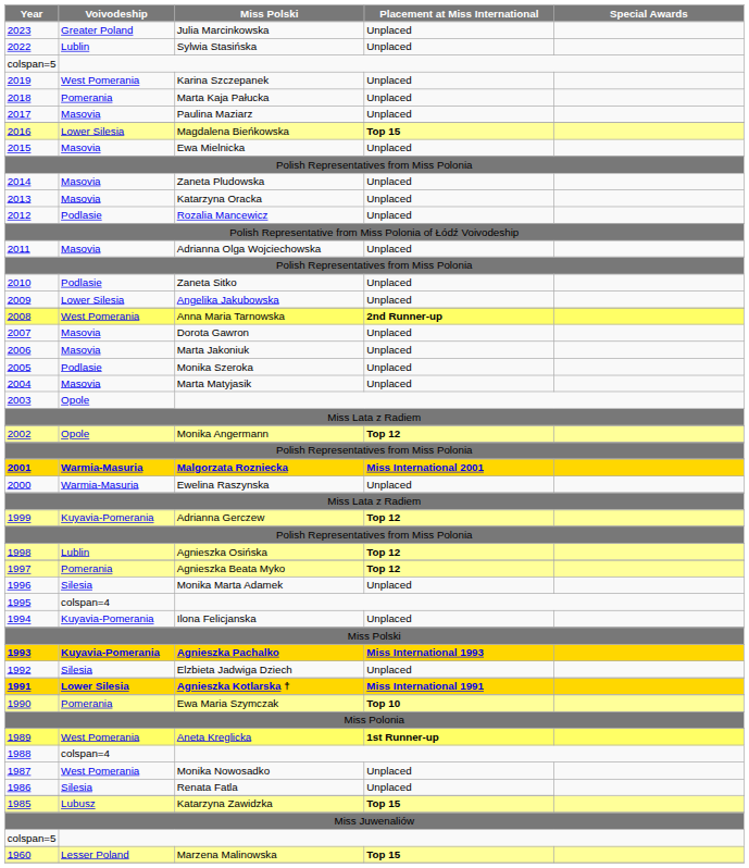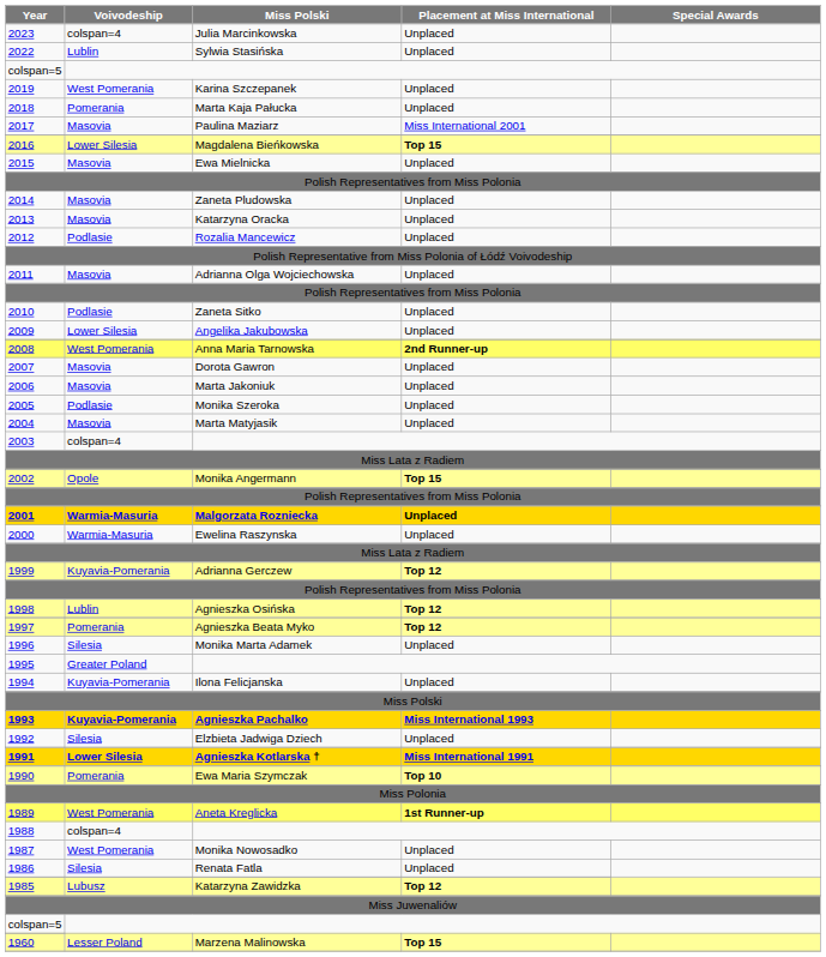 <table class="wikitable " style="font-size: 90%;">
 <tr>
 <th width="60" style="background-color:#787878;color:#FFFFFF;">Year</th>
 <th width="150" style="background-color:#787878;color:#FFFFFF;">Voivodeship</th>
 <th width="250" style="background-color:#787878;color:#FFFFFF;">Miss Polski</th>
 <th width="250" style="background-color:#787878;color:#FFFFFF;">Placement at Miss International</th>
 <th width="250" style="background-color:#787878;color:#FFFFFF;">Special Awards</th>
 </tr>
 <tr>
 <td><a href='#'>2023</a></td>
-<td><a href='#'>Greater Poland</a></td>
+<td>colspan=4 </td>
 <td>Julia Marcinkowska</td>
 <td>Unplaced</td>
 <td></td>
 </tr>
 <tr>
 <td><a href='#'>2022</a></td>
 <td><a href='#'>Lublin</a></td>
 <td>Sylwia Stasińska</td>
 <td>Unplaced</td>
 <td></td>
 </tr>
 <tr>
 <td>colspan=5 </td>
 </tr>
 <tr>
 <td><a href='#'>2019</a></td>
 <td><a href='#'>West Pomerania</a></td>
 <td>Karina Szczepanek</td>
 <td>Unplaced</td>
 <td></td>
 </tr>
 <tr>
 <td><a href='#'>2018</a></td>
 <td><a href='#'>Pomerania</a></td>
 <td>Marta Kaja Pałucka</td>
 <td>Unplaced</td>
 <td></td>
 </tr>
 <tr>
 <td><a href='#'>2017</a></td>
 <td><a href='#'>Masovia</a></td>
 <td>Paulina Maziarz</td>
-<td>Unplaced</td>
+<td><a href='#'>Miss International 2001</a></td>
 <td></td>
 </tr>
 <tr>
 </tr>
 <tr style="background-color:#FFFF99;">
 <td><a href='#'>2016</a></td>
 <td><a href='#'>Lower Silesia</a></td>
 <td>Magdalena Bieńkowska</td>
 <td><strong>Top 15</strong></td>
 <td></td>
 </tr>
 <tr>
 <td><a href='#'>2015</a></td>
 <td><a href='#'>Masovia</a></td>
 <td>Ewa Mielnicka</td>
 <td>Unplaced</td>
 <td></td>
 </tr>
 <tr>
 </tr>
 <tr bgcolor="#787878" align="center">
 <td colspan="5"><span>Polish Representatives from Miss Polonia</span></td>
 </tr>
 <tr>
 <td><a href='#'>2014</a></td>
 <td><a href='#'>Masovia</a></td>
 <td>Zaneta Pludowska</td>
 <td>Unplaced</td>
 <td></td>
 </tr>
 <tr>
 <td><a href='#'>2013</a></td>
 <td><a href='#'>Masovia</a></td>
 <td>Katarzyna Oracka</td>
 <td>Unplaced</td>
 <td></td>
 </tr>
 <tr>
 <td><a href='#'>2012</a></td>
 <td><a href='#'>Podlasie</a></td>
 <td><a href='#'>Rozalia Mancewicz</a></td>
 <td>Unplaced</td>
 <td></td>
 </tr>
 <tr>
 </tr>
 <tr bgcolor="#787878" align="center">
 <td colspan="5"><span>Polish Representative from Miss Polonia of Łódź Voivodeship</span></td>
 </tr>
 <tr>
 <td><a href='#'>2011</a></td>
 <td><a href='#'>Masovia</a></td>
 <td>Adrianna Olga Wojciechowska</td>
 <td>Unplaced</td>
 <td></td>
 </tr>
 <tr>
 </tr>
 <tr bgcolor="#787878" align="center">
 <td colspan="5"><span>Polish Representatives from Miss Polonia</span></td>
 </tr>
 <tr>
 <td><a href='#'>2010</a></td>
 <td><a href='#'>Podlasie</a></td>
 <td>Zaneta Sitko</td>
 <td>Unplaced</td>
 <td></td>
 </tr>
 <tr>
 <td><a href='#'>2009</a></td>
 <td><a href='#'>Lower Silesia</a></td>
 <td><a href='#'>Angelika Jakubowska</a></td>
 <td>Unplaced</td>
 <td></td>
 </tr>
 <tr>
 </tr>
 <tr style="background-color:#FFFF66;">
 <td><a href='#'>2008</a></td>
 <td><a href='#'>West Pomerania</a></td>
 <td>Anna Maria Tarnowska</td>
 <td><strong>2nd Runner-up</strong></td>
 <td></td>
 </tr>
 <tr>
 <td><a href='#'>2007</a></td>
 <td><a href='#'>Masovia</a></td>
 <td>Dorota Gawron</td>
 <td>Unplaced</td>
 <td></td>
 </tr>
 <tr>
 <td><a href='#'>2006</a></td>
 <td><a href='#'>Masovia</a></td>
 <td>Marta Jakoniuk</td>
 <td>Unplaced</td>
 <td></td>
 </tr>
 <tr>
 <td><a href='#'>2005</a></td>
 <td><a href='#'>Podlasie</a></td>
 <td>Monika Szeroka</td>
 <td>Unplaced</td>
 <td></td>
 </tr>
 <tr>
 <td><a href='#'>2004</a></td>
 <td><a href='#'>Masovia</a></td>
 <td>Marta Matyjasik</td>
 <td>Unplaced</td>
 <td></td>
 </tr>
 <tr>
 <td><a href='#'>2003</a></td>
-<td><a href='#'>Opole</a></td>
+<td>colspan=4 </td>
 </tr>
 <tr>
 </tr>
 <tr bgcolor="#787878" align="center">
 <td colspan="5"><span>Miss Lata z Radiem</span></td>
 </tr>
 <tr>
 </tr>
 <tr style="background-color:#FFFF99;">
 <td><a href='#'>2002</a></td>
 <td><a href='#'>Opole</a></td>
 <td>Monika Angermann</td>
-<td><strong>Top 12</strong></td>
+<td><strong>Top 15</strong></td>
 <td></td>
 </tr>
 <tr>
 </tr>
 <tr bgcolor="#787878" align="center">
 <td colspan="5"><span>Polish Representatives from Miss Polonia</span></td>
 </tr>
 <tr>
 </tr>
 <tr style="background-color:gold; font-weight: bold">
 <td><a href='#'>2001</a></td>
 <td><a href='#'>Warmia-Masuria</a></td>
 <td><a href='#'>Malgorzata Rozniecka</a></td>
-<td><a href='#'>Miss International 2001</a></td>
+<td>Unplaced</td>
 <td></td>
 </tr>
 <tr>
 <td><a href='#'>2000</a></td>
 <td><a href='#'>Warmia-Masuria</a></td>
 <td>Ewelina Raszynska</td>
 <td>Unplaced</td>
 <td></td>
 </tr>
 <tr>
 </tr>
 <tr bgcolor="#787878" align="center">
 <td colspan="5"><span>Miss Lata z Radiem</span></td>
 </tr>
 <tr>
 </tr>
 <tr style="background-color:#FFFF99;">
 <td><a href='#'>1999</a></td>
 <td><a href='#'>Kuyavia-Pomerania</a></td>
 <td>Adrianna Gerczew</td>
 <td><strong>Top 12</strong></td>
 <td></td>
 </tr>
 <tr>
 </tr>
 <tr bgcolor="#787878" align="center">
 <td colspan="5"><span>Polish Representatives from Miss Polonia</span></td>
 </tr>
 <tr>
 </tr>
 <tr style="background-color:#FFFF99;">
 <td><a href='#'>1998</a></td>
 <td><a href='#'>Lublin</a></td>
 <td>Agnieszka Osińska</td>
 <td><strong>Top 12</strong></td>
 <td></td>
 </tr>
 <tr>
 </tr>
 <tr style="background-color:#FFFF99;">
 <td><a href='#'>1997</a></td>
 <td><a href='#'>Pomerania</a></td>
 <td>Agnieszka Beata Myko</td>
 <td><strong>Top 12</strong></td>
 <td></td>
 </tr>
 <tr>
 <td><a href='#'>1996</a></td>
 <td><a href='#'>Silesia</a></td>
 <td>Monika Marta Adamek</td>
 <td>Unplaced</td>
 <td></td>
 </tr>
 <tr>
 <td><a href='#'>1995</a></td>
-<td>colspan=4 </td>
+<td><a href='#'>Greater Poland</a></td>
 </tr>
 <tr>
 <td><a href='#'>1994</a></td>
 <td><a href='#'>Kuyavia-Pomerania</a></td>
 <td>Ilona Felicjanska</td>
 <td>Unplaced</td>
 <td></td>
 </tr>
 <tr>
 </tr>
 <tr bgcolor="#787878" align="center">
 <td colspan="5"><span>Miss Polski</span></td>
 </tr>
 <tr>
 </tr>
 <tr style="background-color:gold; font-weight: bold">
 <td><a href='#'>1993</a></td>
 <td><a href='#'>Kuyavia-Pomerania</a></td>
 <td><a href='#'>Agnieszka Pachalko</a></td>
 <td><a href='#'>Miss International 1993</a></td>
 <td></td>
 </tr>
 <tr>
 <td><a href='#'>1992</a></td>
 <td><a href='#'>Silesia</a></td>
 <td>Elzbieta Jadwiga Dziech</td>
 <td>Unplaced</td>
 <td></td>
 </tr>
 <tr>
 </tr>
 <tr style="background-color:gold; font-weight: bold">
 <td><a href='#'>1991</a></td>
 <td><a href='#'>Lower Silesia</a></td>
 <td><a href='#'>Agnieszka Kotlarska</a> †</td>
 <td><a href='#'>Miss International 1991</a></td>
 <td></td>
 </tr>
 <tr>
 </tr>
 <tr style="background-color:#FFFF99;">
 <td><a href='#'>1990</a></td>
 <td><a href='#'>Pomerania</a></td>
 <td>Ewa Maria Szymczak</td>
 <td><strong>Top 10</strong></td>
 <td></td>
 </tr>
 <tr>
 </tr>
 <tr bgcolor="#787878" align="center">
 <td colspan="5"><span>Miss Polonia</span></td>
 </tr>
 <tr>
 </tr>
 <tr style="background-color:#FFFF66;">
 <td><a href='#'>1989</a></td>
 <td><a href='#'>West Pomerania</a></td>
 <td><a href='#'>Aneta Kreglicka</a></td>
 <td><strong>1st Runner-up</strong></td>
 <td></td>
 </tr>
 <tr>
 <td><a href='#'>1988</a></td>
 <td>colspan=4 </td>
 </tr>
 <tr>
 <td><a href='#'>1987</a></td>
 <td><a href='#'>West Pomerania</a></td>
 <td>Monika Nowosadko</td>
 <td>Unplaced</td>
 <td></td>
 </tr>
 <tr>
 <td><a href='#'>1986</a></td>
 <td><a href='#'>Silesia</a></td>
 <td>Renata Fatla</td>
 <td>Unplaced</td>
 </tr>
 <tr>
 </tr>
 <tr style="background-color:#FFFF99;">
 <td><a href='#'>1985</a></td>
 <td><a href='#'>Lubusz</a></td>
 <td>Katarzyna Zawidzka</td>
-<td><strong>Top 15</strong></td>
+<td><strong>Top 12</strong></td>
 <td></td>
 </tr>
 <tr>
 </tr>
 <tr bgcolor="#787878" align="center">
 <td colspan="5"><span>Miss Juwenaliów</span></td>
 </tr>
 <tr>
 <td>colspan=5 </td>
 </tr>
 <tr>
 </tr>
 <tr style="background-color:#FFFF99;">
 <td><a href='#'>1960</a></td>
 <td><a href='#'>Lesser Poland</a></td>
 <td>Marzena Malinowska</td>
 <td><strong>Top 15</strong></td>
 <td></td>
 </tr>
 <tr>
 </tr>
 </table>
